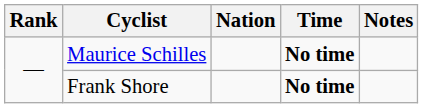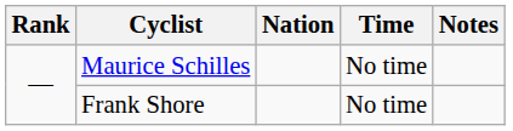 <table class="wikitable sortable">
 <tr>
 <th>Rank</th>
 <th>Cyclist</th>
 <th>Nation</th>
 <th>Time</th>
 <th>Notes</th>
 </tr>
 <tr>
 <td align=center rowspan=2>—</td>
 <td><a href='#'>Maurice Schilles</a></td>
 <td></td>
-<td align=center><strong>No time</strong></td>
+<td align=center>No time</td>
 <td></td>
 </tr>
 <tr>
 <td>Frank Shore</td>
 <td></td>
-<td align=center><strong>No time</strong></td>
+<td align=center>No time</td>
 <td></td>
 </tr>
 </table>
